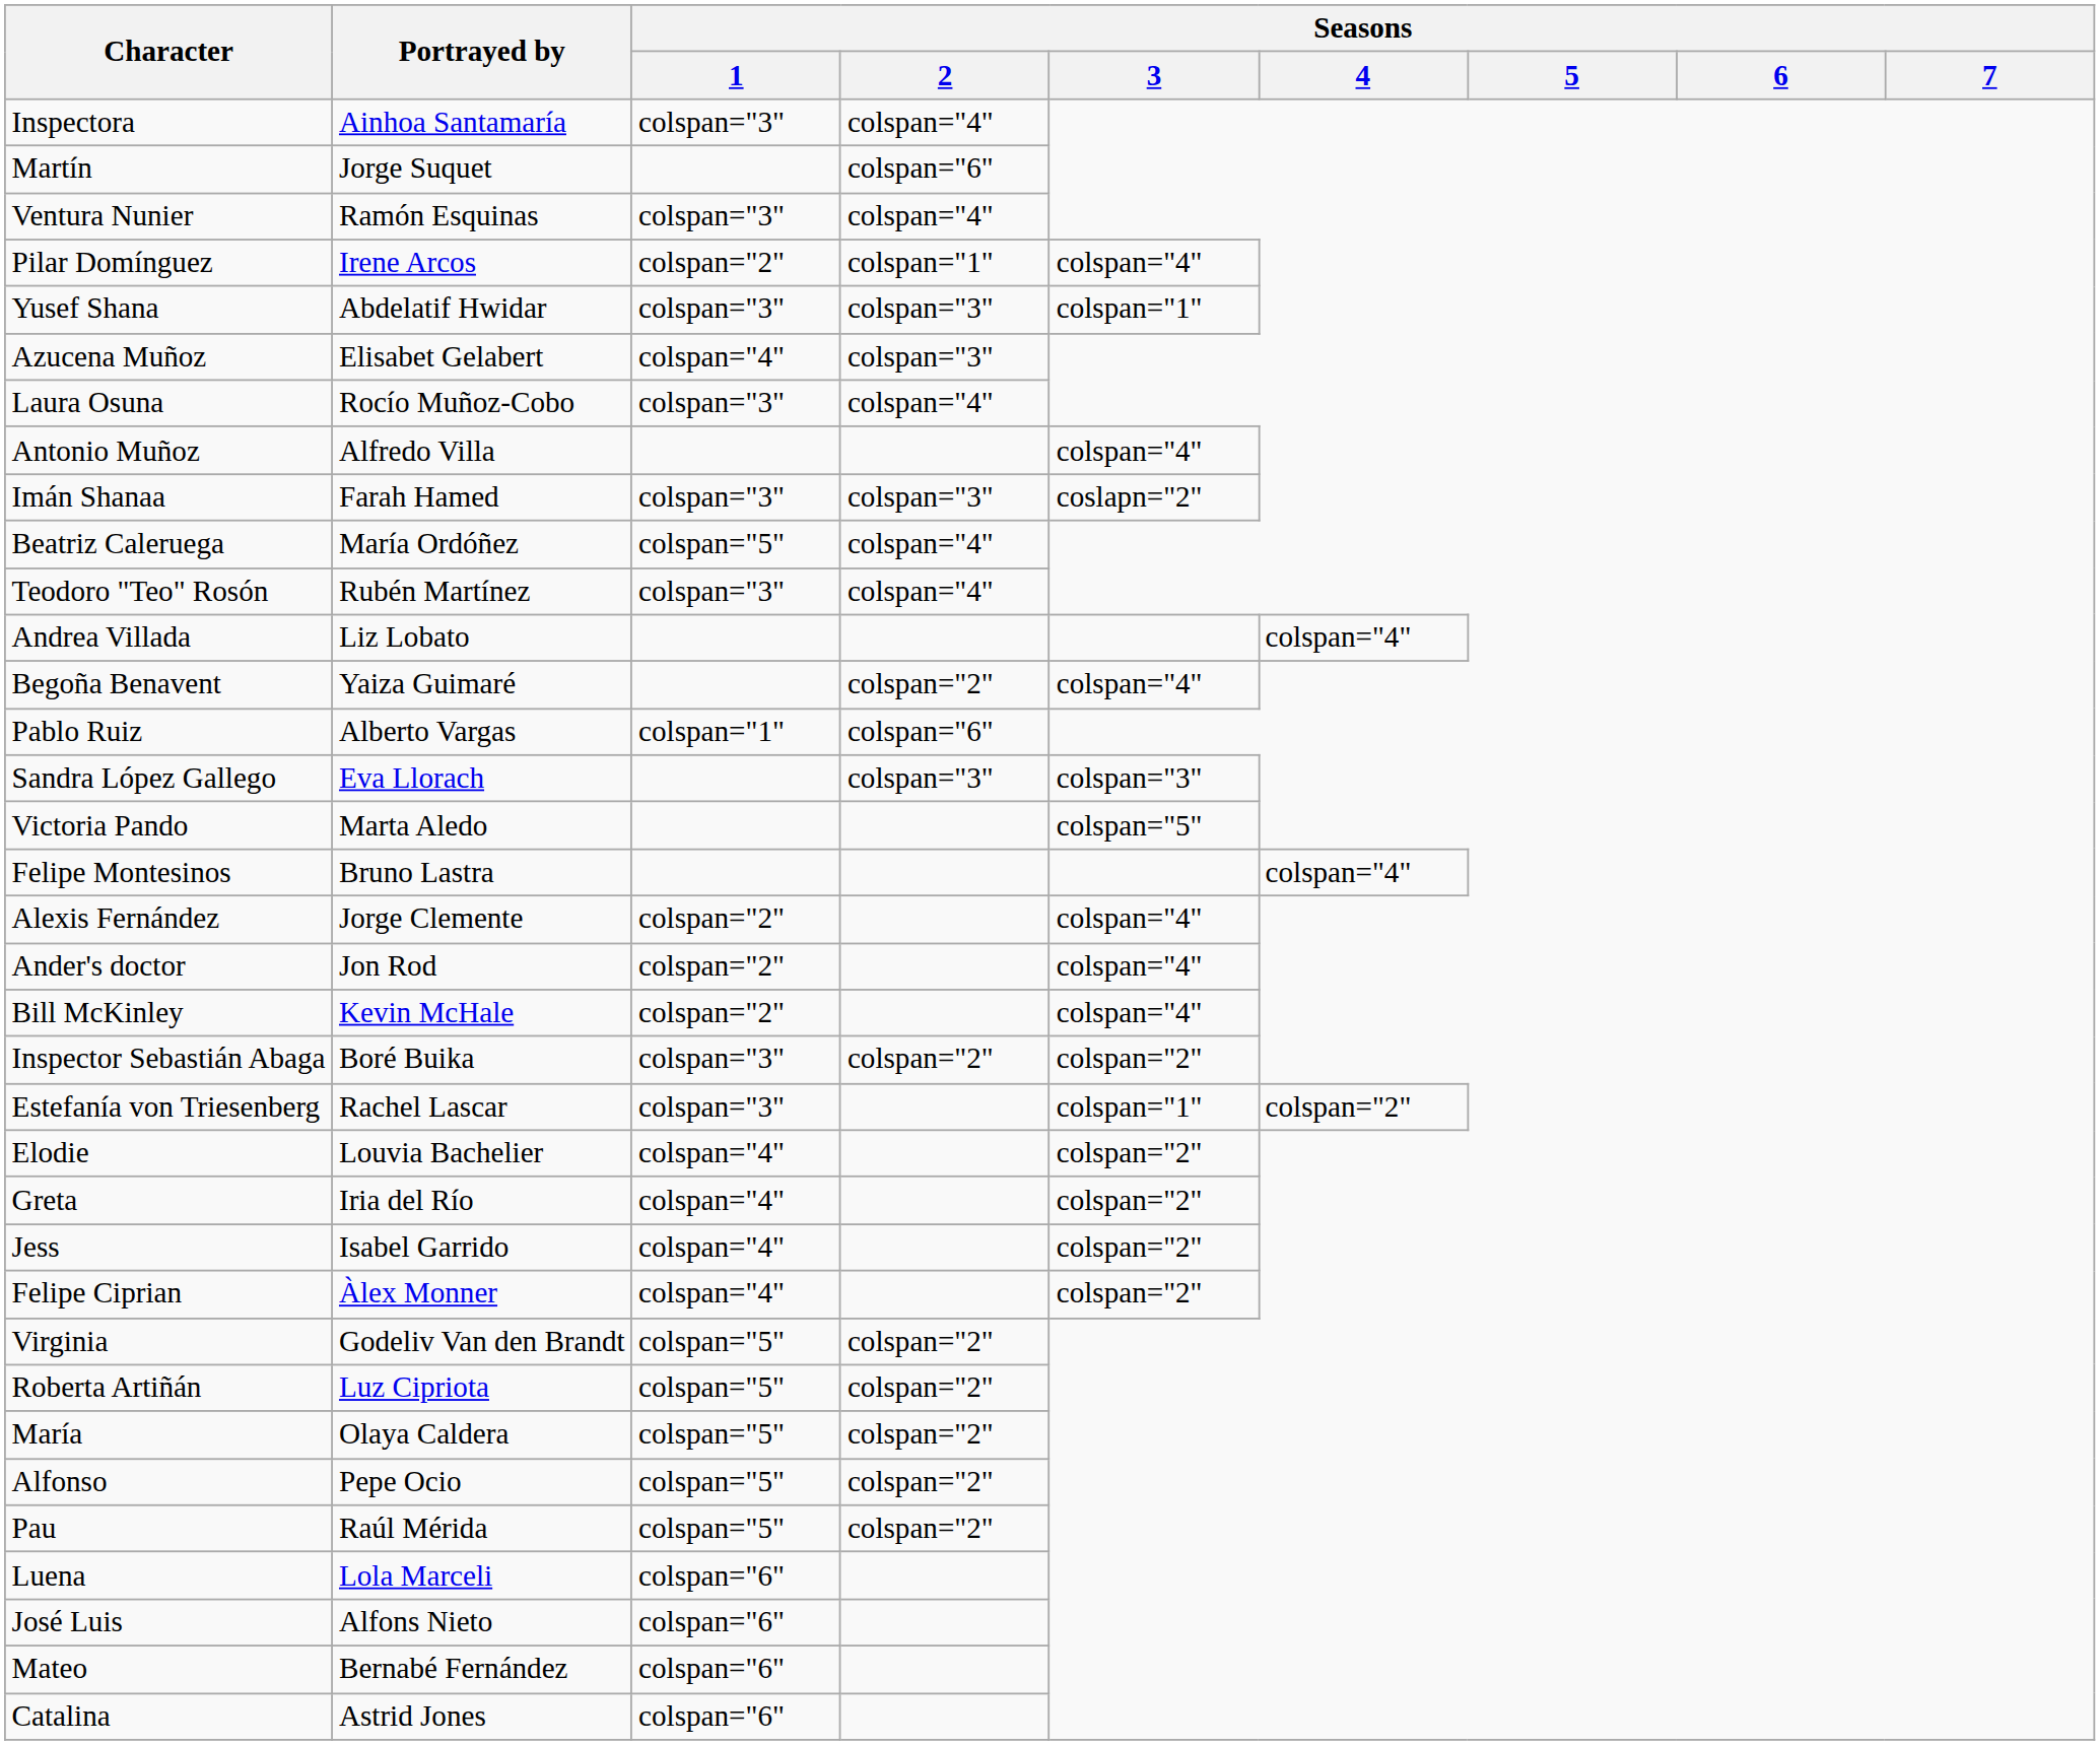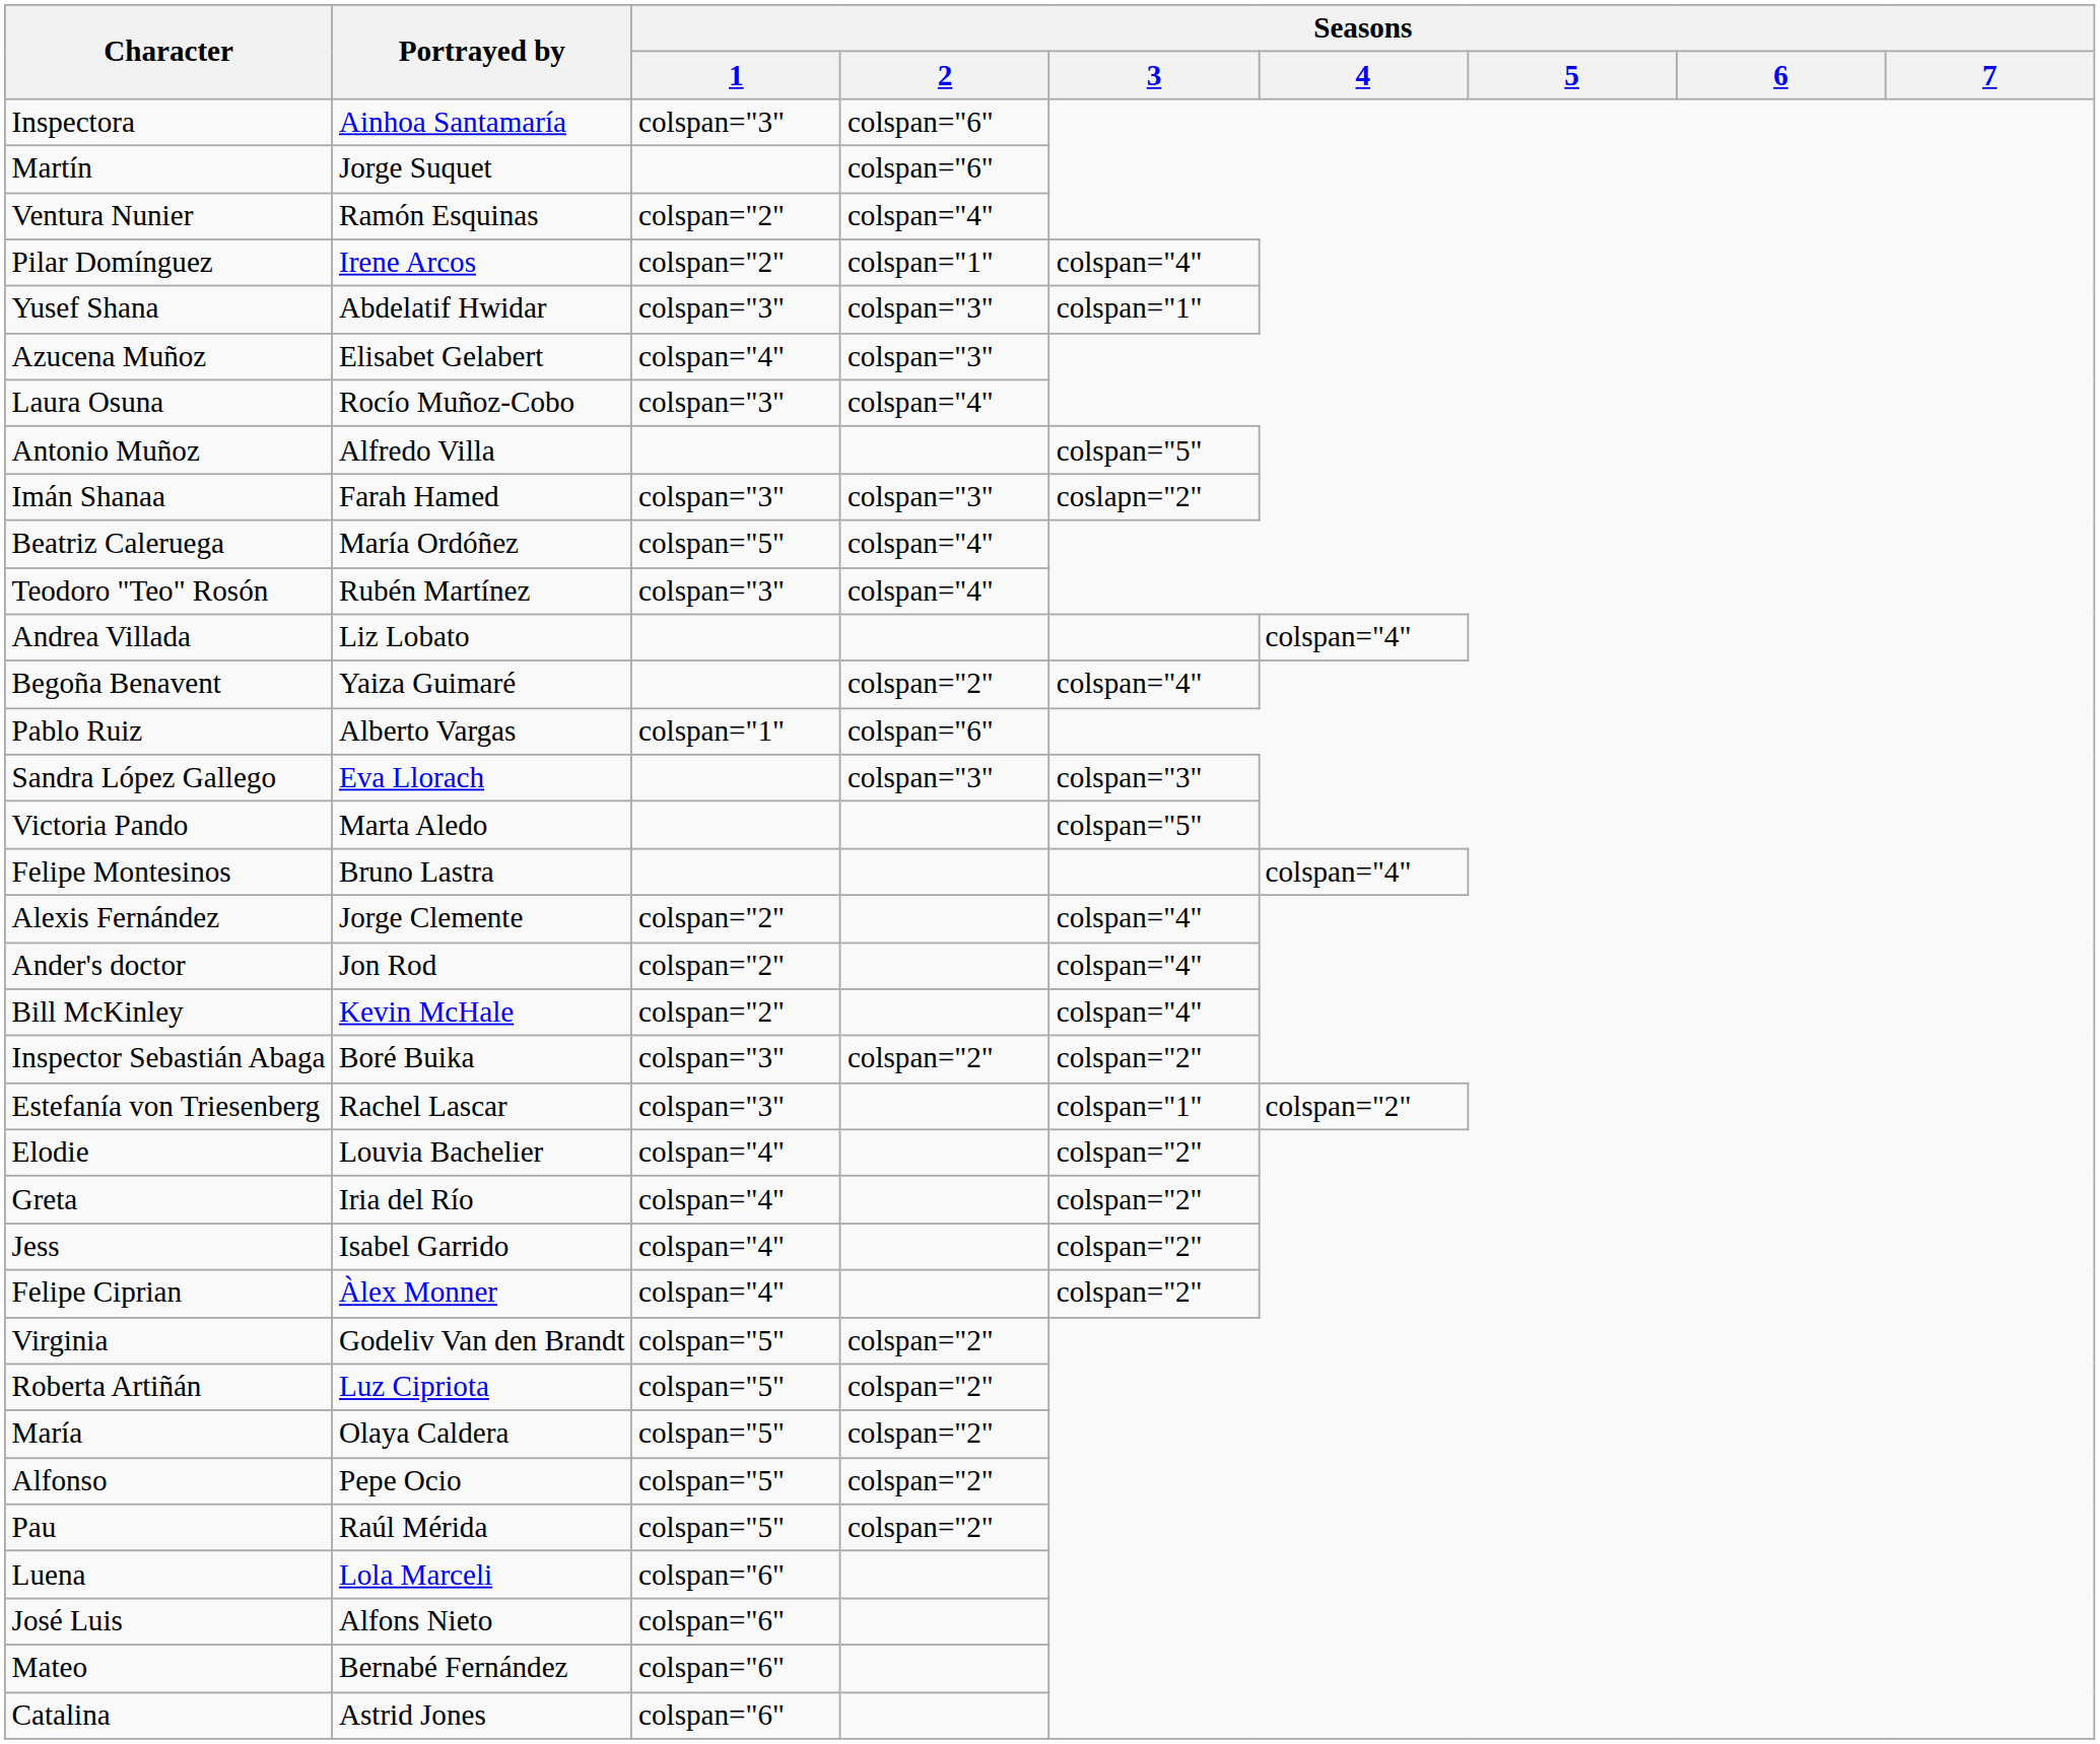 <table class="wikitable">
 <tr>
 <th rowspan="2">Character</th>
 <th rowspan="2">Portrayed by</th>
 <th colspan="7">Seasons</th>
 </tr>
 <tr>
 <th style="width:10%;"><a href='#'>1</a></th>
 <th style="width:10%;"><a href='#'>2</a></th>
 <th style="width:10%;"><a href='#'>3</a></th>
 <th style="width:10%;"><a href='#'>4</a></th>
 <th style="width:10%;"><a href='#'>5</a></th>
 <th style="width:10%;"><a href='#'>6</a></th>
 <th style="width:10%;"><a href='#'>7</a></th>
 </tr>
 <tr>
 <td>Inspectora</td>
 <td><a href='#'>Ainhoa Santamaría</a></td>
 <td>colspan="3" </td>
-<td>colspan="4" </td>
+<td>colspan="6" </td>
 </tr>
 <tr>
 <td>Martín</td>
 <td>Jorge Suquet</td>
 <td></td>
 <td>colspan="6" </td>
 </tr>
 <tr>
 <td>Ventura Nunier</td>
 <td>Ramón Esquinas</td>
-<td>colspan="3" </td>
+<td>colspan="2" </td>
 <td>colspan="4" </td>
 </tr>
 <tr>
 <td>Pilar Domínguez</td>
 <td><a href='#'>Irene Arcos</a></td>
 <td>colspan="2" </td>
 <td>colspan="1" </td>
 <td>colspan="4" </td>
 </tr>
 <tr>
 <td>Yusef Shana</td>
 <td>Abdelatif Hwidar</td>
 <td>colspan="3" </td>
 <td>colspan="3" </td>
 <td>colspan="1" </td>
 </tr>
 <tr>
 <td>Azucena Muñoz</td>
 <td>Elisabet Gelabert</td>
 <td>colspan="4" </td>
 <td>colspan="3" </td>
 </tr>
 <tr>
 <td>Laura Osuna</td>
 <td>Rocío Muñoz-Cobo</td>
 <td>colspan="3" </td>
 <td>colspan="4" </td>
 </tr>
 <tr>
 <td>Antonio Muñoz</td>
 <td>Alfredo Villa</td>
 <td></td>
 <td></td>
-<td>colspan="4" </td>
+<td>colspan="5" </td>
 </tr>
 <tr>
 <td>Imán Shanaa</td>
 <td>Farah Hamed</td>
 <td>colspan="3" </td>
 <td>colspan="3" </td>
 <td>coslapn="2" </td>
 </tr>
 <tr>
 <td>Beatriz Caleruega</td>
 <td>María Ordóñez</td>
 <td>colspan="5" </td>
 <td>colspan="4" </td>
 </tr>
 <tr>
 <td>Teodoro "Teo" Rosón</td>
 <td>Rubén Martínez</td>
 <td>colspan="3" </td>
 <td>colspan="4" </td>
 </tr>
 <tr>
 <td>Andrea Villada</td>
 <td>Liz Lobato</td>
 <td></td>
 <td></td>
 <td></td>
 <td>colspan="4" </td>
 </tr>
 <tr>
 <td>Begoña Benavent</td>
 <td>Yaiza Guimaré</td>
 <td></td>
 <td>colspan="2" </td>
 <td>colspan="4" </td>
 </tr>
 <tr>
 <td>Pablo Ruiz</td>
 <td>Alberto Vargas</td>
 <td>colspan="1" </td>
 <td>colspan="6" </td>
 </tr>
 <tr>
 <td>Sandra López Gallego</td>
 <td><a href='#'>Eva Llorach</a></td>
 <td></td>
 <td>colspan="3" </td>
 <td>colspan="3" </td>
 </tr>
 <tr>
 <td>Victoria Pando</td>
 <td>Marta Aledo</td>
 <td></td>
 <td></td>
 <td>colspan="5" </td>
 </tr>
 <tr>
 <td>Felipe Montesinos</td>
 <td>Bruno Lastra</td>
 <td></td>
 <td></td>
 <td></td>
 <td>colspan="4" </td>
 </tr>
 <tr>
 <td>Alexis Fernández</td>
 <td>Jorge Clemente</td>
 <td>colspan="2" </td>
 <td></td>
 <td>colspan="4" </td>
 </tr>
 <tr>
 <td>Ander's doctor</td>
 <td>Jon Rod</td>
 <td>colspan="2" </td>
 <td></td>
 <td>colspan="4" </td>
 </tr>
 <tr>
 <td>Bill McKinley</td>
 <td><a href='#'>Kevin McHale</a></td>
 <td>colspan="2" </td>
 <td></td>
 <td>colspan="4" </td>
 </tr>
 <tr>
 <td>Inspector Sebastián Abaga</td>
 <td>Boré Buika</td>
 <td>colspan="3" </td>
 <td>colspan="2" </td>
 <td>colspan="2" </td>
 </tr>
 <tr>
 <td>Estefanía von Triesenberg</td>
 <td>Rachel Lascar</td>
 <td>colspan="3" </td>
 <td></td>
 <td>colspan="1" </td>
 <td>colspan="2" </td>
 </tr>
 <tr>
 <td>Elodie</td>
 <td>Louvia Bachelier</td>
 <td>colspan="4" </td>
 <td></td>
 <td>colspan="2" </td>
 </tr>
 <tr>
 <td>Greta</td>
 <td>Iria del Río</td>
 <td>colspan="4" </td>
 <td></td>
 <td>colspan="2" </td>
 </tr>
 <tr>
 <td>Jess</td>
 <td>Isabel Garrido</td>
 <td>colspan="4" </td>
 <td></td>
 <td>colspan="2" </td>
 </tr>
 <tr>
 <td>Felipe Ciprian</td>
 <td><a href='#'>Àlex Monner</a></td>
 <td>colspan="4" </td>
 <td></td>
 <td>colspan="2" </td>
 </tr>
 <tr>
 <td>Virginia</td>
 <td>Godeliv Van den Brandt</td>
 <td>colspan="5" </td>
 <td>colspan="2" </td>
 </tr>
 <tr>
 <td>Roberta Artiñán</td>
 <td><a href='#'>Luz Cipriota</a></td>
 <td>colspan="5" </td>
 <td>colspan="2" </td>
 </tr>
 <tr>
 <td>María</td>
 <td>Olaya Caldera</td>
 <td>colspan="5" </td>
 <td>colspan="2" </td>
 </tr>
 <tr>
 <td>Alfonso</td>
 <td>Pepe Ocio</td>
 <td>colspan="5" </td>
 <td>colspan="2" </td>
 </tr>
 <tr>
 <td>Pau</td>
 <td>Raúl Mérida</td>
 <td>colspan="5" </td>
 <td>colspan="2" </td>
 </tr>
 <tr>
 <td>Luena</td>
 <td><a href='#'>Lola Marceli</a></td>
 <td>colspan="6" </td>
 <td></td>
 </tr>
 <tr>
 <td>José Luis</td>
 <td>Alfons Nieto</td>
 <td>colspan="6" </td>
 <td></td>
 </tr>
 <tr>
 <td>Mateo</td>
 <td>Bernabé Fernández</td>
 <td>colspan="6" </td>
 <td></td>
 </tr>
 <tr>
 <td>Catalina</td>
 <td>Astrid Jones</td>
 <td>colspan="6" </td>
 <td></td>
 </tr>
 </table>
